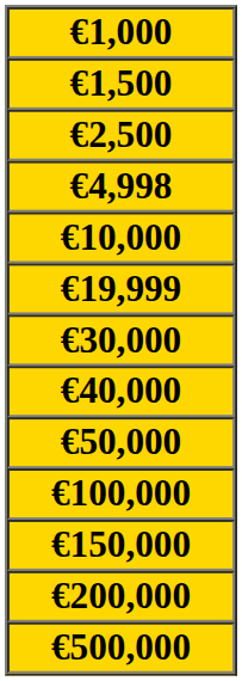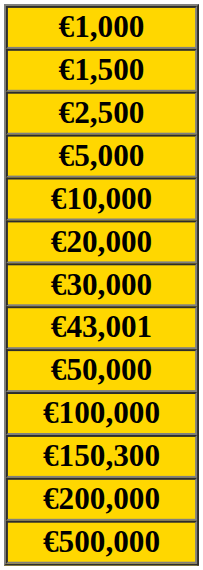 <table border=1 cellspacing=0 cellpadding=1 width=100px style="background:gold;text-align:center">
 <tr>
 <td><strong>€1,000</strong></td>
 </tr>
 <tr>
 <td><strong>€1,500</strong></td>
 </tr>
 <tr>
 <td><strong>€2,500</strong></td>
 </tr>
 <tr>
-<td><strong>€4,998</strong></td>
+<td><strong>€5,000</strong></td>
 </tr>
 <tr>
 <td><strong>€10,000</strong></td>
 </tr>
 <tr>
-<td><strong>€19,999</strong></td>
+<td><strong>€20,000</strong></td>
 </tr>
 <tr>
 <td><strong>€30,000</strong></td>
 </tr>
 <tr>
-<td><strong>€40,000</strong></td>
+<td><strong>€43,001</strong></td>
 </tr>
 <tr>
 <td><strong>€50,000</strong></td>
 </tr>
 <tr>
 <td><strong>€100,000</strong></td>
 </tr>
 <tr>
-<td><strong>€150,000</strong></td>
+<td><strong>€150,300</strong></td>
 </tr>
 <tr>
 <td><strong>€200,000</strong></td>
 </tr>
 <tr>
 <td><strong>€500,000</strong></td>
 </tr>
 </table>
